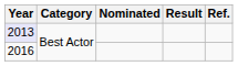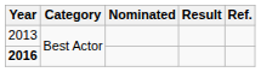 <table class="wikitable">
 <tr>
 <th>Year</th>
 <th>Category</th>
 <th>Nominated</th>
 <th>Result</th>
 <th>Ref.</th>
 </tr>
 <tr>
-<td style="background: lavender;">2013</td>
+<td>2013</td>
 <td rowspan=2>Best Actor</td>
 <td></td>
 <td></td>
 <td></td>
 </tr>
 <tr>
-<td>2016</td>
+<td><strong>2016</strong></td>
 <td></td>
 <td></td>
 <td></td>
 </tr>
 </table>
